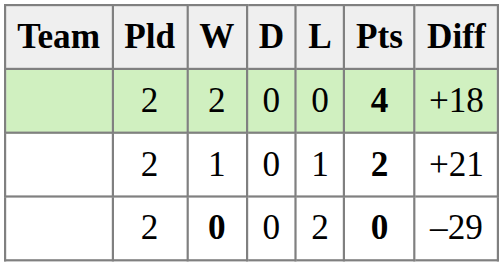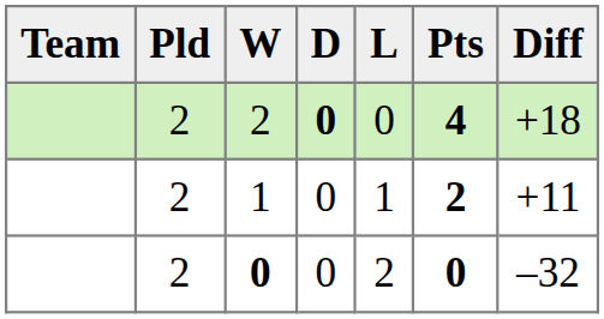 <table style=border-collapse:collapse border=1 cellspacing=0 cellpadding=5>
 <tr align=center bgcolor=#efefef>
 <th>Team</th>
 <th>Pld</th>
 <th>W</th>
 <th>D</th>
 <th>L</th>
 <th>Pts</th>
 <th>Diff</th>
 </tr>
 <tr align=center style="background:#D0F0C0;">
 <td style="text-align:left;"> </td>
 <td>2</td>
 <td>2</td>
-<td>0</td>
+<td><strong>0</strong></td>
 <td>0</td>
 <td><strong>4</strong></td>
 <td>+18</td>
 </tr>
 <tr align=center style="background:#FFFFFF;">
 <td style="text-align:left;"> </td>
 <td>2</td>
 <td>1</td>
 <td>0</td>
 <td>1</td>
 <td><strong>2</strong></td>
-<td>+21</td>
+<td>+11</td>
 </tr>
 <tr align=center style="background:#FFFFFF;">
 <td style="text-align:left;"> </td>
 <td>2</td>
 <td><strong>0</strong></td>
 <td>0</td>
 <td>2</td>
 <td><strong>0</strong></td>
-<td>–29</td>
+<td>–32</td>
 </tr>
 </table>
